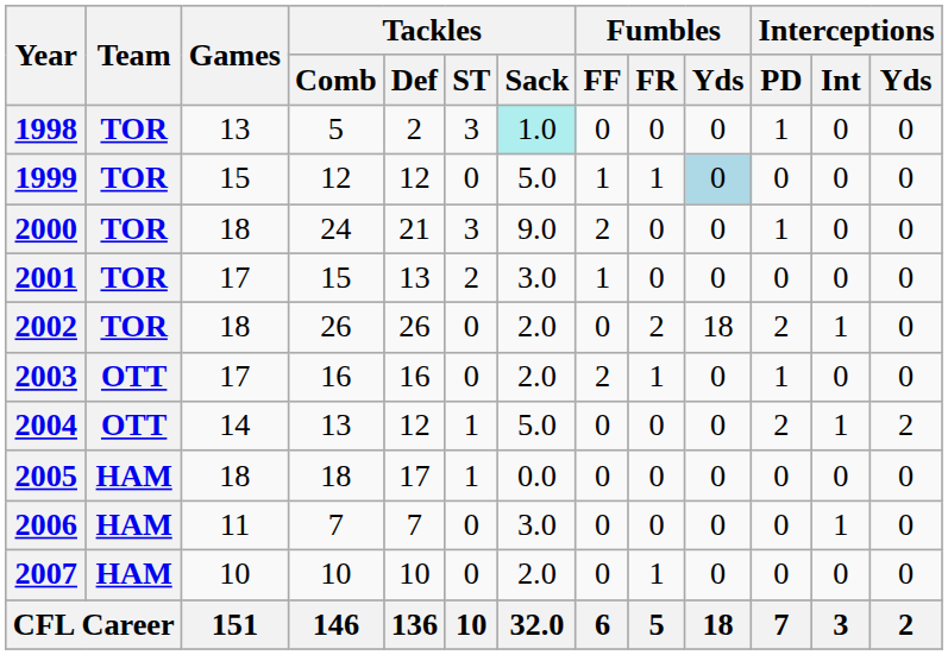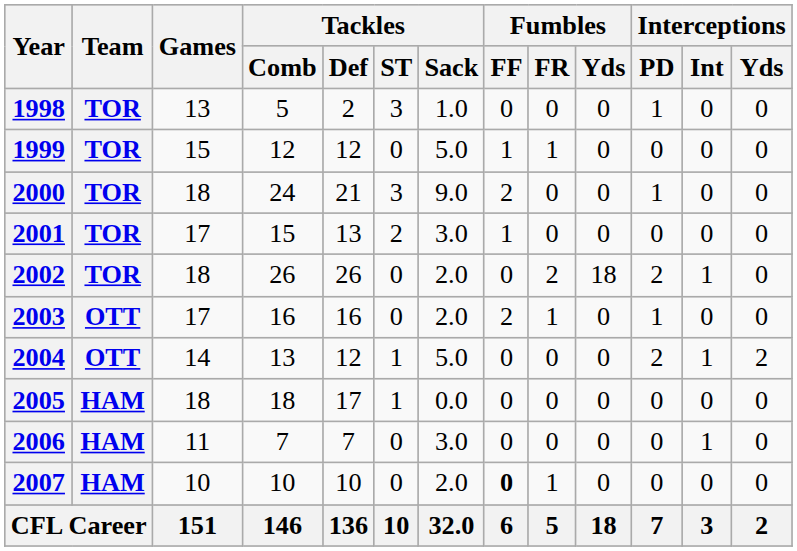 <table class="wikitable" style="text-align: center;">
 <tr>
 <th rowspan="2">Year</th>
 <th rowspan="2">Team</th>
 <th rowspan="2">Games</th>
 <th colspan="4">Tackles</th>
 <th colspan="3">Fumbles</th>
 <th colspan="3">Interceptions</th>
 </tr>
 <tr>
 <th>Comb</th>
 <th>Def</th>
 <th>ST</th>
 <th>Sack</th>
 <th>FF</th>
 <th>FR</th>
 <th>Yds</th>
 <th>PD</th>
 <th>Int</th>
 <th>Yds</th>
 </tr>
 <tr>
 <th><a href='#'>1998</a></th>
 <th><a href='#'>TOR</a></th>
 <td>13</td>
 <td>5</td>
 <td>2</td>
 <td>3</td>
-<td style="background: paleturquoise;">1.0</td>
+<td>1.0</td>
 <td>0</td>
 <td>0</td>
 <td>0</td>
 <td>1</td>
 <td>0</td>
 <td>0</td>
 </tr>
 <tr>
 <th><a href='#'>1999</a></th>
 <th><a href='#'>TOR</a></th>
 <td>15</td>
 <td>12</td>
 <td>12</td>
 <td>0</td>
 <td>5.0</td>
 <td>1</td>
 <td>1</td>
-<td style="background: lightblue;">0</td>
+<td>0</td>
 <td>0</td>
 <td>0</td>
 <td>0</td>
 </tr>
 <tr>
 <th><a href='#'>2000</a></th>
 <th><a href='#'>TOR</a></th>
 <td>18</td>
 <td>24</td>
 <td>21</td>
 <td>3</td>
 <td>9.0</td>
 <td>2</td>
 <td>0</td>
 <td>0</td>
 <td>1</td>
 <td>0</td>
 <td>0</td>
 </tr>
 <tr>
 <th><a href='#'>2001</a></th>
 <th><a href='#'>TOR</a></th>
 <td>17</td>
 <td>15</td>
 <td>13</td>
 <td>2</td>
 <td>3.0</td>
 <td>1</td>
 <td>0</td>
 <td>0</td>
 <td>0</td>
 <td>0</td>
 <td>0</td>
 </tr>
 <tr>
 <th><a href='#'>2002</a></th>
 <th><a href='#'>TOR</a></th>
 <td>18</td>
 <td>26</td>
 <td>26</td>
 <td>0</td>
 <td>2.0</td>
 <td>0</td>
 <td>2</td>
 <td>18</td>
 <td>2</td>
 <td>1</td>
 <td>0</td>
 </tr>
 <tr>
 <th><a href='#'>2003</a></th>
 <th><a href='#'>OTT</a></th>
 <td>17</td>
 <td>16</td>
 <td>16</td>
 <td>0</td>
 <td>2.0</td>
 <td>2</td>
 <td>1</td>
 <td>0</td>
 <td>1</td>
 <td>0</td>
 <td>0</td>
 </tr>
 <tr>
 <th><a href='#'>2004</a></th>
 <th><a href='#'>OTT</a></th>
 <td>14</td>
 <td>13</td>
 <td>12</td>
 <td>1</td>
 <td>5.0</td>
 <td>0</td>
 <td>0</td>
 <td>0</td>
 <td>2</td>
 <td>1</td>
 <td>2</td>
 </tr>
 <tr>
 <th><a href='#'>2005</a></th>
 <th><a href='#'>HAM</a></th>
 <td>18</td>
 <td>18</td>
 <td>17</td>
 <td>1</td>
 <td>0.0</td>
 <td>0</td>
 <td>0</td>
 <td>0</td>
 <td>0</td>
 <td>0</td>
 <td>0</td>
 </tr>
 <tr>
 <th><a href='#'>2006</a></th>
 <th><a href='#'>HAM</a></th>
 <td>11</td>
 <td>7</td>
 <td>7</td>
 <td>0</td>
 <td>3.0</td>
 <td>0</td>
 <td>0</td>
 <td>0</td>
 <td>0</td>
 <td>1</td>
 <td>0</td>
 </tr>
 <tr>
 <th><a href='#'>2007</a></th>
 <th><a href='#'>HAM</a></th>
 <td>10</td>
 <td>10</td>
 <td>10</td>
 <td>0</td>
 <td>2.0</td>
-<td>0</td>
+<td><strong>0</strong></td>
 <td>1</td>
 <td>0</td>
 <td>0</td>
 <td>0</td>
 <td>0</td>
 </tr>
 <tr>
 <th colspan="2">CFL Career</th>
 <th>151</th>
 <th>146</th>
 <th>136</th>
 <th>10</th>
 <th>32.0</th>
 <th>6</th>
 <th>5</th>
 <th>18</th>
 <th>7</th>
 <th>3</th>
 <th>2</th>
 </tr>
 </table>
